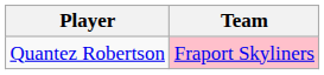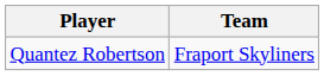 <table class="wikitable">
 <tr>
 <th>Player</th>
 <th>Team</th>
 </tr>
 <tr>
 <td> <a href='#'>Quantez Robertson</a></td>
-<td style="background: pink;"> <a href='#'>Fraport Skyliners</a></td>
+<td> <a href='#'>Fraport Skyliners</a></td>
 </tr>
 </table>
